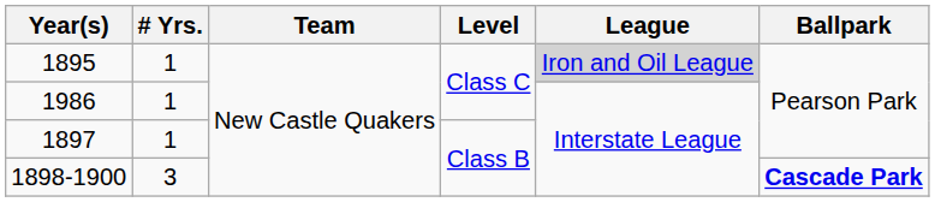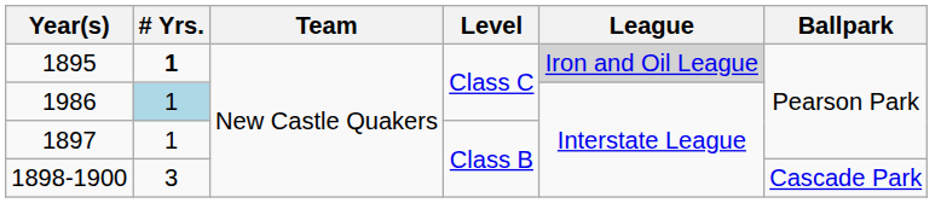 <table class="wikitable" style="text-align:center; font-size: 95%;">
 <tr>
 <th>Year(s)</th>
 <th># Yrs.</th>
 <th>Team</th>
 <th>Level</th>
 <th>League</th>
 <th>Ballpark</th>
 </tr>
 <tr>
 <td>1895</td>
-<td>1</td>
+<td><strong>1</strong></td>
 <td rowspan=4>New Castle Quakers</td>
 <td rowspan=2><a href='#'>Class C</a></td>
 <td style="background: lightgrey;"><a href='#'>Iron and Oil League</a></td>
 <td rowspan=3>Pearson Park</td>
 </tr>
 <tr>
 <td>1986</td>
-<td>1</td>
+<td style="background: lightblue;">1</td>
 <td rowspan=3><a href='#'>Interstate League</a></td>
 </tr>
 <tr>
 <td>1897</td>
 <td>1</td>
 <td rowspan=2><a href='#'>Class B</a></td>
 </tr>
 <tr>
 <td>1898-1900</td>
 <td>3</td>
-<td><strong><a href='#'>Cascade Park</a></strong></td>
+<td><a href='#'>Cascade Park</a></td>
 </tr>
 </table>
